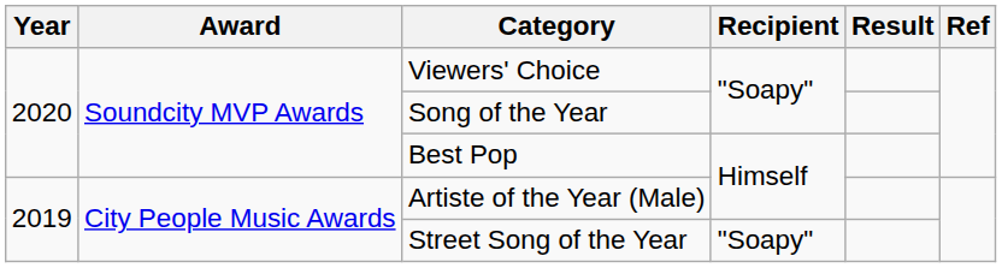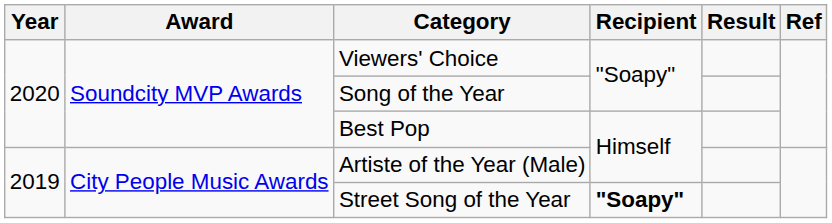 <table class="wikitable sortable">
 <tr>
 <th>Year</th>
 <th>Award</th>
 <th>Category</th>
 <th>Recipient</th>
 <th>Result</th>
 <th>Ref</th>
 </tr>
 <tr>
 <td rowspan="3">2020</td>
 <td rowspan="3"><a href='#'>Soundcity MVP Awards</a></td>
 <td>Viewers' Choice</td>
 <td rowspan="2">"Soapy"</td>
 <td></td>
 <td rowspan="3"></td>
 </tr>
 <tr>
 <td>Song of the Year</td>
 <td></td>
 </tr>
 <tr>
 <td>Best Pop</td>
 <td rowspan="2">Himself</td>
 <td></td>
 </tr>
 <tr>
 <td rowspan="2">2019</td>
 <td rowspan="2"><a href='#'>City People Music Awards</a></td>
 <td>Artiste of the Year (Male)</td>
 <td></td>
 <td rowspan="2"></td>
 </tr>
 <tr>
 <td>Street Song of the Year</td>
-<td>"Soapy"</td>
+<td><strong>"Soapy"</strong></td>
 <td></td>
 </tr>
 </table>
